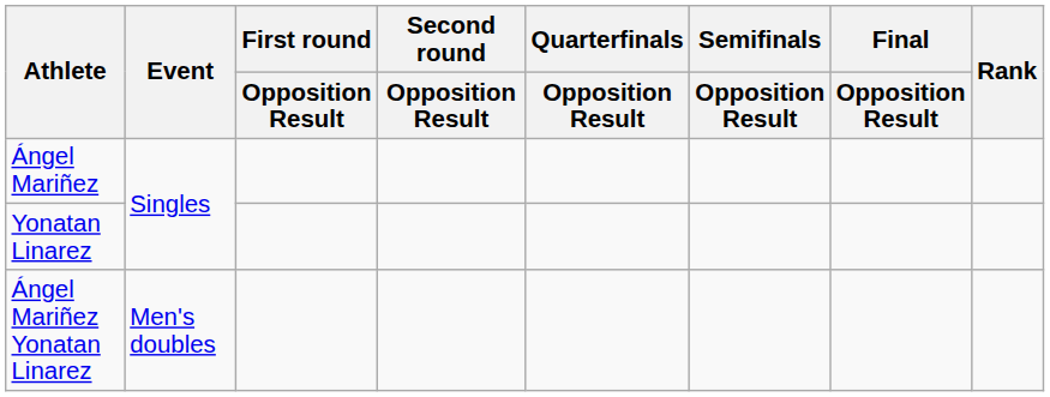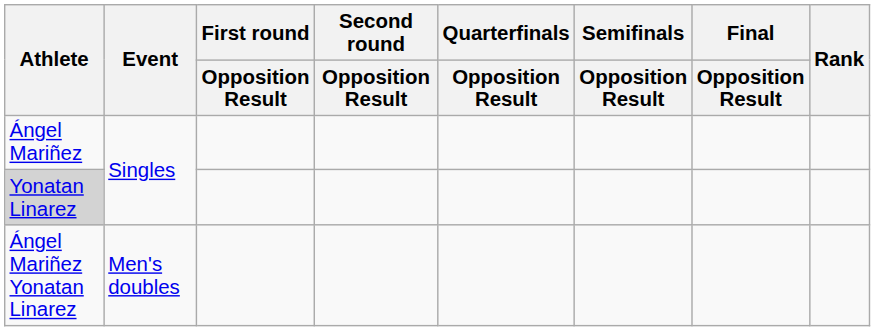 <table class="wikitable" style="font-size:90%">
 <tr>
 <th rowspan="2">Athlete</th>
 <th rowspan="2">Event</th>
 <th>First round</th>
 <th>Second round</th>
 <th>Quarterfinals</th>
 <th>Semifinals</th>
 <th>Final</th>
 <th rowspan="2">Rank</th>
 </tr>
 <tr>
 <th>Opposition<br>Result</th>
 <th>Opposition<br>Result</th>
 <th>Opposition<br>Result</th>
 <th>Opposition<br>Result</th>
 <th>Opposition<br>Result</th>
 </tr>
 <tr>
 <td><a href='#'>Ángel Mariñez</a></td>
 <td rowspan=2><a href='#'>Singles</a></td>
 <td></td>
 <td></td>
 <td></td>
 <td></td>
 <td></td>
 <td></td>
 </tr>
 <tr>
-<td><a href='#'>Yonatan Linarez</a></td>
+<td style="background: lightgrey;"><a href='#'>Yonatan Linarez</a></td>
 <td></td>
 <td></td>
 <td></td>
 <td></td>
 <td></td>
 <td></td>
 </tr>
 <tr>
 <td><a href='#'>Ángel Mariñez</a><br><a href='#'>Yonatan Linarez</a></td>
 <td rowspan=2><a href='#'>Men's doubles</a></td>
 <td><br></td>
 <td></td>
 <td></td>
 <td></td>
 <td></td>
 <td></td>
 </tr>
 </table>
